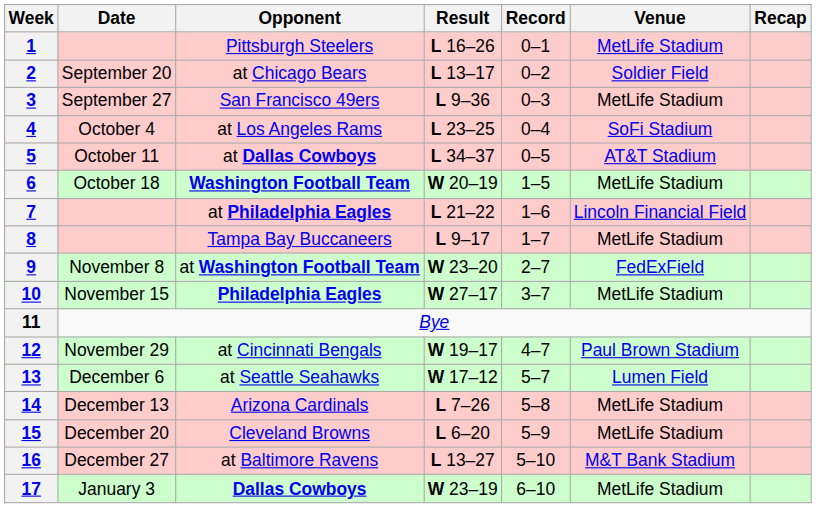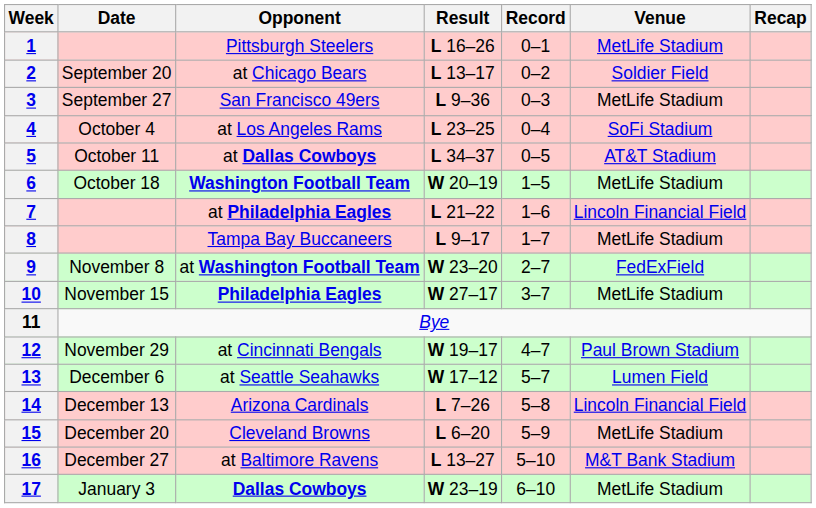 <table class="wikitable" style="text-align:center">
 <tr>
 <th>Week</th>
 <th>Date</th>
 <th>Opponent</th>
 <th>Result</th>
 <th>Record</th>
 <th>Venue</th>
 <th>Recap</th>
 </tr>
 <tr style="background:#fcc">
 <th><a href='#'>1</a></th>
 <td></td>
 <td><a href='#'>Pittsburgh Steelers</a></td>
 <td><strong>L</strong> 16–26</td>
 <td>0–1</td>
 <td><a href='#'>MetLife Stadium</a></td>
 <td></td>
 </tr>
 <tr style="background:#fcc">
 <th><a href='#'>2</a></th>
 <td>September 20</td>
 <td>at <a href='#'>Chicago Bears</a></td>
 <td><strong>L</strong> 13–17</td>
 <td>0–2</td>
 <td><a href='#'>Soldier Field</a></td>
 <td></td>
 </tr>
 <tr style="background:#fcc">
 <th><a href='#'>3</a></th>
 <td>September 27</td>
 <td><a href='#'>San Francisco 49ers</a></td>
 <td><strong>L</strong> 9–36</td>
 <td>0–3</td>
 <td>MetLife Stadium</td>
 <td></td>
 </tr>
 <tr style="background:#fcc">
 <th><a href='#'>4</a></th>
 <td>October 4</td>
 <td>at <a href='#'>Los Angeles Rams</a></td>
 <td><strong>L</strong> 23–25</td>
 <td>0–4</td>
 <td><a href='#'>SoFi Stadium</a></td>
 <td></td>
 </tr>
 <tr style="background:#fcc">
 <th><a href='#'>5</a></th>
 <td>October 11</td>
 <td>at <strong><a href='#'>Dallas Cowboys</a></strong></td>
 <td><strong>L</strong> 34–37</td>
 <td>0–5</td>
 <td><a href='#'>AT&T Stadium</a></td>
 <td></td>
 </tr>
 <tr style="background:#cfc">
 <th><a href='#'>6</a></th>
 <td>October 18</td>
 <td><strong><a href='#'>Washington Football Team</a></strong></td>
 <td><strong>W</strong> 20–19</td>
 <td>1–5</td>
 <td>MetLife Stadium</td>
 <td></td>
 </tr>
 <tr style="background:#fcc">
 <th><a href='#'>7</a></th>
 <td></td>
 <td>at <strong><a href='#'>Philadelphia Eagles</a></strong></td>
 <td><strong>L</strong> 21–22</td>
 <td>1–6</td>
 <td><a href='#'>Lincoln Financial Field</a></td>
 <td></td>
 </tr>
 <tr style="background:#fcc">
 <th><a href='#'>8</a></th>
 <td></td>
 <td><a href='#'>Tampa Bay Buccaneers</a></td>
 <td><strong>L</strong> 9–17</td>
 <td>1–7</td>
 <td>MetLife Stadium</td>
 <td></td>
 </tr>
 <tr style="background:#cfc">
 <th><a href='#'>9</a></th>
 <td>November 8</td>
 <td>at <strong><a href='#'>Washington Football Team</a></strong></td>
 <td><strong>W</strong> 23–20</td>
 <td>2–7</td>
 <td><a href='#'>FedExField</a></td>
 <td></td>
 </tr>
 <tr style="background:#cfc">
 <th><a href='#'>10</a></th>
 <td>November 15</td>
 <td><strong><a href='#'>Philadelphia Eagles</a></strong></td>
 <td><strong>W</strong> 27–17</td>
 <td>3–7</td>
 <td>MetLife Stadium</td>
 <td></td>
 </tr>
 <tr>
 <th>11</th>
 <td colspan="6"><em><a href='#'>Bye</a></em></td>
 </tr>
 <tr style="background:#cfc">
 <th><a href='#'>12</a></th>
 <td>November 29</td>
 <td>at <a href='#'>Cincinnati Bengals</a></td>
 <td><strong>W</strong> 19–17</td>
 <td>4–7</td>
 <td><a href='#'>Paul Brown Stadium</a></td>
 <td></td>
 </tr>
 <tr style="background:#cfc">
 <th><a href='#'>13</a></th>
 <td>December 6</td>
 <td>at <a href='#'>Seattle Seahawks</a></td>
 <td><strong>W</strong> 17–12</td>
 <td>5–7</td>
 <td><a href='#'>Lumen Field</a></td>
 <td></td>
 </tr>
 <tr style="background:#fcc">
 <th><a href='#'>14</a></th>
 <td>December 13</td>
 <td><a href='#'>Arizona Cardinals</a></td>
 <td><strong>L</strong> 7–26</td>
 <td>5–8</td>
-<td>MetLife Stadium</td>
+<td><a href='#'>Lincoln Financial Field</a></td>
 <td></td>
 </tr>
 <tr style="background:#fcc">
 <th><a href='#'>15</a></th>
 <td>December 20</td>
 <td><a href='#'>Cleveland Browns</a></td>
 <td><strong>L</strong> 6–20</td>
 <td>5–9</td>
 <td>MetLife Stadium</td>
 <td></td>
 </tr>
 <tr style="background:#fcc">
 <th><a href='#'>16</a></th>
 <td>December 27</td>
 <td>at <a href='#'>Baltimore Ravens</a></td>
 <td><strong>L</strong> 13–27</td>
 <td>5–10</td>
 <td><a href='#'>M&T Bank Stadium</a></td>
 <td></td>
 </tr>
 <tr style="background:#cfc">
 <th><a href='#'>17</a></th>
 <td>January 3</td>
 <td><strong><a href='#'>Dallas Cowboys</a></strong></td>
 <td><strong>W</strong> 23–19</td>
 <td>6–10</td>
 <td>MetLife Stadium</td>
 <td></td>
 </tr>
 </table>
